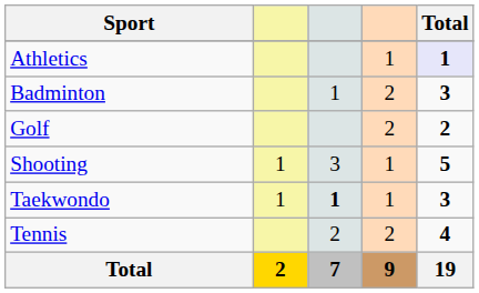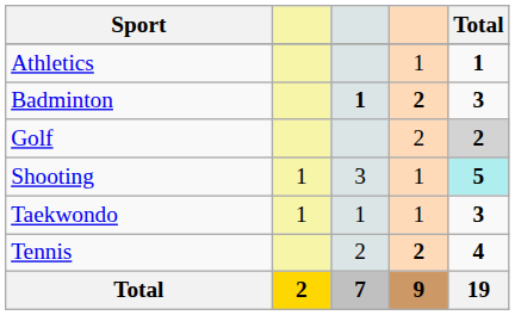 <table class="wikitable" style="font-size:90%; text-align:center;">
 <tr>
 <th width=160>Sport</th>
 <th scope="col" width=30 style="background:#F7F6A8;"></th>
 <th scope="col" width=30 style="background:#DCE5E5;"></th>
 <th scope="col" width=30 style="background:#FFDAB9;"></th>
 <th width=30>Total</th>
 </tr>
 <tr>
 </tr>
 <tr align=center>
 <td align=left> <a href='#'>Athletics</a></td>
 <td style="background:#F7F6A8;"></td>
 <td style="background:#DCE5E5;"></td>
 <td style="background:#FFDAB9;">1</td>
-<td style="background: lavender;"><strong>1</strong></td>
+<td><strong>1</strong></td>
 </tr>
 <tr align=center>
 <td align=left> <a href='#'>Badminton</a></td>
 <td style="background:#F7F6A8;"></td>
-<td style="background:#DCE5E5;">1</td>
-<td style="background:#FFDAB9;">2</td>
+<td style="background:#DCE5E5;"><strong>1</strong></td>
+<td style="background:#FFDAB9;"><strong>2</strong></td>
 <td><strong>3</strong></td>
 </tr>
 <tr align=center>
 <td align=left> <a href='#'>Golf</a></td>
 <td style="background:#F7F6A8;"></td>
 <td style="background:#DCE5E5;"></td>
 <td style="background:#FFDAB9;">2</td>
-<td><strong>2</strong></td>
+<td style="background: lightgrey;"><strong>2</strong></td>
 </tr>
 <tr align=center>
 <td align=left> <a href='#'>Shooting</a></td>
 <td style="background:#F7F6A8;">1</td>
 <td style="background:#DCE5E5;">3</td>
 <td style="background:#FFDAB9;">1</td>
-<td><strong>5</strong></td>
+<td style="background: paleturquoise;"><strong>5</strong></td>
 </tr>
 <tr align=center>
 <td align=left> <a href='#'>Taekwondo</a></td>
 <td style="background:#F7F6A8;">1</td>
-<td style="background:#DCE5E5;"><strong>1</strong></td>
+<td style="background:#DCE5E5;">1</td>
 <td style="background:#FFDAB9;">1</td>
 <td><strong>3</strong></td>
 </tr>
 <tr align=center>
 <td align=left> <a href='#'>Tennis</a></td>
 <td style="background:#F7F6A8;"></td>
 <td style="background:#DCE5E5;">2</td>
-<td style="background:#FFDAB9;">2</td>
+<td style="background:#FFDAB9;"><strong>2</strong></td>
 <td><strong>4</strong></td>
 </tr>
 <tr align=center>
 <th>Total</th>
 <th style="background:gold;">2</th>
 <th style="background:silver;">7</th>
 <th style="background:#c96;">9</th>
 <th>19</th>
 </tr>
 </table>
